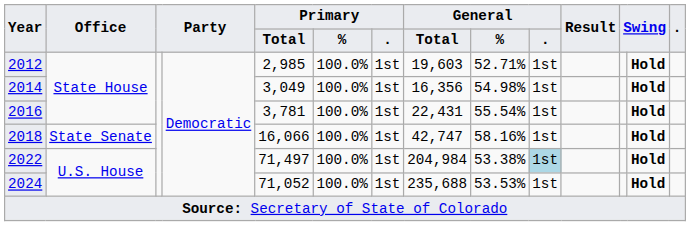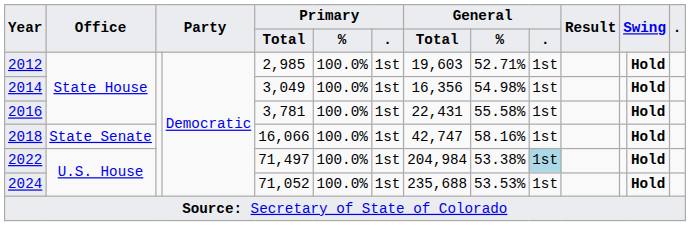 <table class="wikitable" style="font-size:90%; text-align:center;">
 <tr>
 <th style="background-color:#EAECF0;" rowspan=2>Year</th>
 <th style="background-color:#EAECF0;" rowspan=2>Office</th>
 <th style="background-color:#EAECF0;" colspan=2 rowspan=2>Party</th>
 <th style="background-color:#EAECF0;" colspan=3>Primary</th>
 <th style="background-color:#EAECF0;" colspan=3>General</th>
 <th style="background-color:#EAECF0;" rowspan=2>Result</th>
 <th style="background-color:#EAECF0;" colspan=2 rowspan=2><a href='#'>Swing</a></th>
 <th style="background-color:#EAECF0;" rowspan=2>.</th>
 </tr>
 <tr>
 <th style="background-color:#EAECF0;">Total</th>
 <th style="background-color:#EAECF0;">%</th>
 <th style="background-color:#EAECF0;">.</th>
 <th style="background-color:#EAECF0;">Total</th>
 <th style="background-color:#EAECF0;">%</th>
 <th style="background-color:#EAECF0;">.</th>
 </tr>
 <tr>
 <td style="background-color:#EAECF0;"><a href='#'>2012</a></td>
 <td rowspan=3><a href='#'>State House</a></td>
 <td rowspan=6 style="background-color:"></td>
 <td rowspan=6><a href='#'>Democratic</a></td>
 <td>2,985</td>
 <td>100.0%</td>
 <td>1st</td>
 <td>19,603</td>
 <td>52.71%</td>
 <td>1st</td>
 <td></td>
 <td style="background-color:"></td>
 <td><strong>Hold</strong></td>
 <td></td>
 </tr>
 <tr>
 <td style="background-color:#EAECF0;"><a href='#'>2014</a></td>
 <td>3,049</td>
 <td>100.0%</td>
 <td>1st</td>
 <td>16,356</td>
 <td>54.98%</td>
 <td>1st</td>
 <td></td>
 <td style="background-color:"></td>
 <td><strong>Hold</strong></td>
 <td></td>
 </tr>
 <tr>
 <td style="background-color:#EAECF0;"><a href='#'>2016</a></td>
 <td>3,781</td>
 <td>100.0%</td>
 <td>1st</td>
 <td>22,431</td>
-<td>55.54%</td>
+<td>55.58%</td>
 <td>1st</td>
 <td></td>
 <td style="background-color:"></td>
 <td><strong>Hold</strong></td>
 <td></td>
 </tr>
 <tr>
 <td style="background-color:#EAECF0;"><a href='#'>2018</a></td>
 <td><a href='#'>State Senate</a></td>
 <td>16,066</td>
 <td>100.0%</td>
 <td>1st</td>
 <td>42,747</td>
 <td>58.16%</td>
 <td>1st</td>
 <td></td>
 <td style="background-color:"></td>
 <td><strong>Hold</strong></td>
 <td></td>
 </tr>
 <tr>
 <td style="background-color:#EAECF0;"><a href='#'>2022</a></td>
 <td rowspan="2"><a href='#'>U.S. House</a></td>
 <td>71,497</td>
 <td>100.0%</td>
 <td>1st</td>
 <td>204,984</td>
 <td>53.38%</td>
 <td style="background: lightblue;">1st</td>
 <td></td>
 <td style="background-color:"></td>
 <td><strong>Hold</strong></td>
 <td></td>
 </tr>
 <tr>
 <td style="background-color:#EAECF0;"><a href='#'>2024</a></td>
 <td>71,052</td>
 <td>100.0%</td>
 <td>1st</td>
 <td>235,688</td>
 <td>53.53%</td>
 <td>1st</td>
 <td></td>
 <td style="background-color:"></td>
 <td><strong>Hold</strong></td>
 <td></td>
 </tr>
 <tr>
 <td style="background-color:#EAECF0;" colspan=14><strong>Source:</strong> <a href='#'>Secretary of State of Colorado</a>  </td>
 </tr>
 </table>
